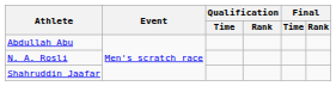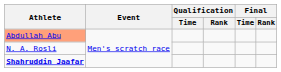 <table class="wikitable" style="font-size:90%;">
 <tr>
 <th rowspan=2>Athlete</th>
 <th rowspan=2>Event</th>
 <th colspan=2>Qualification</th>
 <th colspan=2>Final</th>
 </tr>
 <tr style="font-size:95%">
 <th>Time</th>
 <th>Rank</th>
 <th>Time</th>
 <th>Rank</th>
 </tr>
 <tr align=center>
-<td align=left><a href='#'>Abdullah Abu</a></td>
+<td align=left style="background: lightsalmon;"><a href='#'>Abdullah Abu</a></td>
 <td align=left rowspan=3><a href='#'>Men's scratch race</a></td>
 <td></td>
 <td></td>
 <td></td>
 <td></td>
 </tr>
 <tr align=center>
 <td align=left><a href='#'>N. A. Rosli</a></td>
 <td></td>
 <td></td>
 <td></td>
 <td></td>
 </tr>
 <tr align=center>
-<td align=left><a href='#'>Shahruddin Jaafar</a></td>
+<td align=left><strong><a href='#'>Shahruddin Jaafar</a></strong></td>
 <td></td>
 <td></td>
 <td></td>
 <td></td>
 </tr>
 </table>
